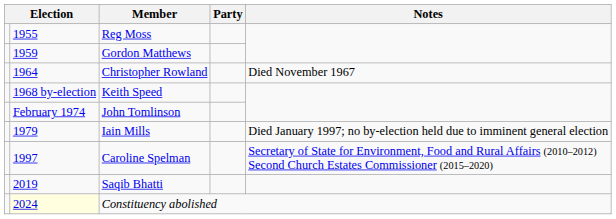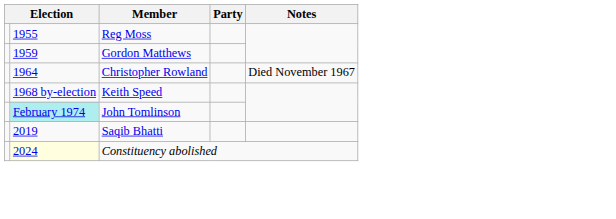 <table class="wikitable">
 <tr>
 <th colspan="2">Election</th>
 <th>Member</th>
 <th>Party</th>
 <th>Notes</th>
 </tr>
 <tr>
 <td style="color:inherit;background-color: "></td>
 <td><a href='#'>1955</a></td>
 <td><a href='#'>Reg Moss</a></td>
 <td></td>
 </tr>
 <tr>
 <td style="color:inherit;background-color: "></td>
 <td><a href='#'>1959</a></td>
 <td><a href='#'>Gordon Matthews</a></td>
 <td></td>
 </tr>
 <tr>
 <td style="color:inherit;background-color: "></td>
 <td><a href='#'>1964</a></td>
 <td><a href='#'>Christopher Rowland</a></td>
 <td></td>
 <td>Died November 1967</td>
 </tr>
 <tr>
 <td style="color:inherit;background-color: "></td>
 <td><a href='#'>1968 by-election</a></td>
 <td><a href='#'>Keith Speed</a></td>
 <td></td>
 </tr>
 <tr>
 <td style="color:inherit;background-color: "></td>
-<td><a href='#'>February 1974</a></td>
+<td style="background: paleturquoise;"><a href='#'>February 1974</a></td>
 <td><a href='#'>John Tomlinson</a></td>
 <td></td>
-</tr>
-<tr>
-<td style="color:inherit;background-color: "></td>
-<td><a href='#'>1979</a></td>
-<td><a href='#'>Iain Mills</a></td>
-<td></td>
-<td>Died January 1997; no by-election held due to imminent general election</td>
-</tr>
-<tr>
-<td style="color:inherit;background-color: "></td>
-<td><a href='#'>1997</a></td>
-<td><a href='#'>Caroline Spelman</a></td>
-<td></td>
-<td><a href='#'>Secretary of State for Environment, Food and Rural Affairs</a> <small>(2010–2012)</small><br><a href='#'>Second Church Estates Commissioner</a> <small>(2015–2020)</small></td>
 </tr>
 <tr>
 <td style="color:inherit;background-color: "></td>
 <td><a href='#'>2019</a></td>
 <td><a href='#'>Saqib Bhatti</a></td>
 <td></td>
 <td></td>
 </tr>
 <tr>
 <td></td>
 <td style="background: lightyellow;"><a href='#'>2024</a></td>
 <td colspan="3"><em>Constituency abolished</em></td>
 </tr>
 </table>
